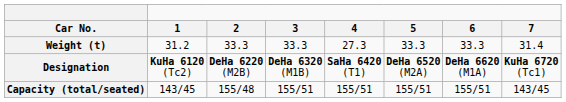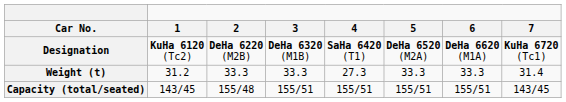 <table class="wikitable" style="text-align:center">
 <tr style="border-bottom: 4px solid #">
 <th> </th>
 <td colspan="7"> </td>
 </tr>
 <tr>
 <th>Car No.</th>
 <th>1</th>
 <th>2</th>
 <th>3</th>
 <th>4</th>
 <th>5</th>
 <th>6</th>
 <th>7</th>
 </tr>
 <tr>
+<th>Designation</th>
+<td><strong>KuHa 6120</strong><br>(Tc2)</td>
+<td><strong>DeHa 6220</strong><br> (M2B)</td>
+<td><strong>DeHa 6320</strong><br> (M1B)</td>
+<td><strong>SaHa 6420</strong><br> (T1)</td>
+<td><strong>DeHa 6520</strong><br> (M2A)</td>
+<td><strong>DeHa 6620</strong><br> (M1A)</td>
+<td><strong>KuHa 6720</strong><br> (Tc1)</td>
+</tr>
+<tr>
 <th>Weight (t)</th>
 <td>31.2</td>
 <td>33.3</td>
 <td>33.3</td>
 <td>27.3</td>
 <td>33.3</td>
 <td>33.3</td>
 <td>31.4</td>
-</tr>
-<tr>
-<th>Designation</th>
-<td><strong>KuHa 6120</strong><br>(Tc2)</td>
-<td><strong>DeHa 6220</strong><br> (M2B)</td>
-<td><strong>DeHa 6320</strong><br> (M1B)</td>
-<td><strong>SaHa 6420</strong><br> (T1)</td>
-<td><strong>DeHa 6520</strong><br> (M2A)</td>
-<td><strong>DeHa 6620</strong><br> (M1A)</td>
-<td><strong>KuHa 6720</strong><br> (Tc1)</td>
 </tr>
 <tr>
 <th>Capacity (total/seated)</th>
 <td>143/45</td>
 <td>155/48</td>
 <td>155/51</td>
 <td>155/51</td>
 <td>155/51</td>
 <td>155/51</td>
 <td>143/45</td>
 </tr>
 </table>
